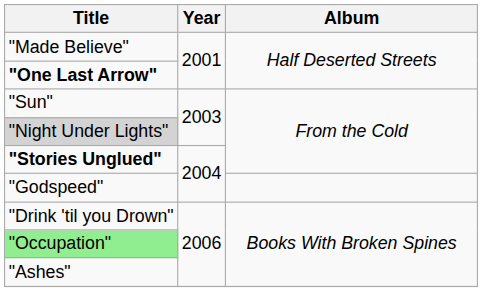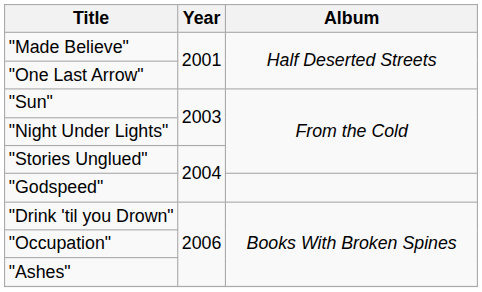 <table class="wikitable" style="text-align:center;">
 <tr>
 <th scope="col">Title</th>
 <th scope="col">Year</th>
 <th scope="col" width="220">Album</th>
 </tr>
 <tr>
 <td align="left">"Made Believe"</td>
 <td rowspan="2">2001</td>
 <td rowspan="2"><em>Half Deserted Streets</em></td>
 </tr>
 <tr>
-<td align="left"><strong>"One Last Arrow"</strong></td>
+<td align="left">"One Last Arrow"</td>
 </tr>
 <tr>
 <td align="left">"Sun"</td>
 <td rowspan="2">2003</td>
 <td rowspan="3"><em>From the Cold</em></td>
 </tr>
 <tr>
-<td align="left" style="background: lightgrey;">"Night Under Lights"</td>
+<td align="left">"Night Under Lights"</td>
 </tr>
 <tr>
-<td align="left"><strong>"Stories Unglued"</strong></td>
+<td align="left">"Stories Unglued"</td>
 <td rowspan="2">2004</td>
 </tr>
 <tr>
 <td align="left">"Godspeed"</td>
 <td></td>
 </tr>
 <tr>
 <td align="left">"Drink 'til you Drown"</td>
 <td rowspan="3">2006</td>
 <td rowspan="3"><em>Books With Broken Spines</em></td>
 </tr>
 <tr>
-<td align="left" style="background: lightgreen;">"Occupation"</td>
+<td align="left">"Occupation"</td>
 </tr>
 <tr>
 <td align="left">"Ashes"</td>
 </tr>
 <tr>
 </tr>
 </table>
